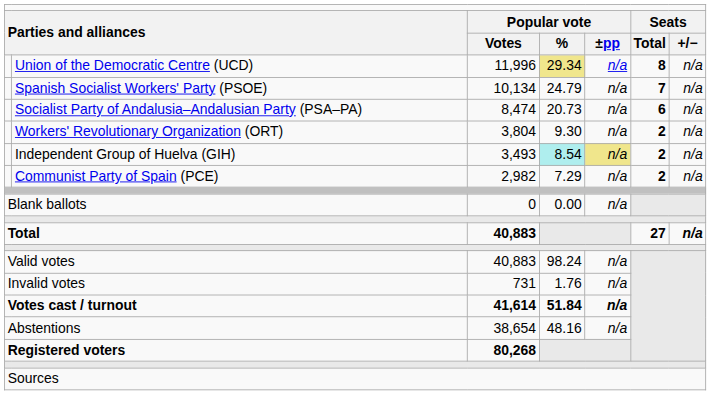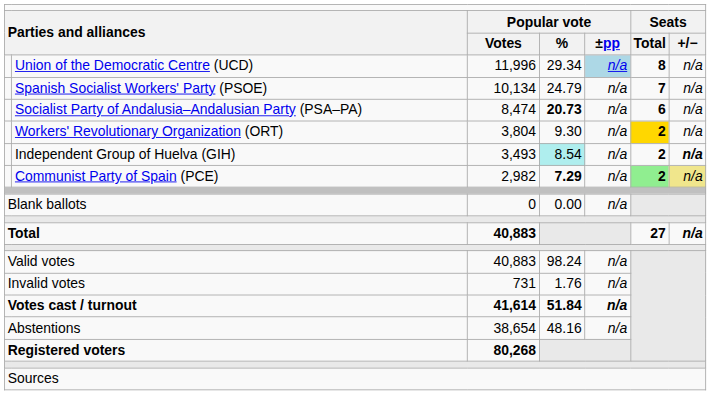 <table class="wikitable" style="text-align:right;">
 <tr>
 <td colspan="7"></td>
 </tr>
 <tr>
 <th style="text-align:left;" rowspan="2" colspan="2" width="525">Parties and alliances</th>
 <th colspan="3">Popular vote</th>
 <th colspan="2">Seats</th>
 </tr>
 <tr>
 <th width="75">Votes</th>
 <th width="45">%</th>
 <th width="45">±<a href='#'>pp</a></th>
 <th width="35">Total</th>
 <th width="35">+/−</th>
 </tr>
 <tr>
 <td width="1" style="color:inherit;background:"></td>
 <td align="left"><a href='#'>Union of the Democratic Centre</a> (UCD)</td>
 <td>11,996</td>
-<td style="background: khaki;">29.34</td>
-<td><em><a href='#'>n/a</a></em></td>
+<td>29.34</td>
+<td style="background: lightblue;"><em><a href='#'>n/a</a></em></td>
 <td><strong>8</strong></td>
 <td><em>n/a</em></td>
 </tr>
 <tr>
 <td style="color:inherit;background:"></td>
 <td align="left"><a href='#'>Spanish Socialist Workers' Party</a> (PSOE)</td>
 <td>10,134</td>
 <td>24.79</td>
 <td><em>n/a</em></td>
 <td><strong>7</strong></td>
 <td><em>n/a</em></td>
 </tr>
 <tr>
 <td style="color:inherit;background:"></td>
 <td align="left"><a href='#'>Socialist Party of Andalusia–Andalusian Party</a> (PSA–PA)</td>
 <td>8,474</td>
-<td>20.73</td>
+<td><strong>20.73</strong></td>
 <td><em>n/a</em></td>
 <td><strong>6</strong></td>
 <td><em>n/a</em></td>
 </tr>
 <tr>
 <td style="color:inherit;background:"></td>
 <td align="left"><a href='#'>Workers' Revolutionary Organization</a> (ORT)</td>
 <td>3,804</td>
 <td>9.30</td>
 <td><em>n/a</em></td>
-<td><strong>2</strong></td>
+<td style="background: gold;"><strong>2</strong></td>
 <td><em>n/a</em></td>
 </tr>
 <tr>
 <td style="color:inherit;background:"></td>
 <td align="left">Independent Group of Huelva (GIH)</td>
 <td>3,493</td>
 <td style="background: paleturquoise;">8.54</td>
-<td style="background: khaki;"><em>n/a</em></td>
+<td><em>n/a</em></td>
 <td><strong>2</strong></td>
-<td><em>n/a</em></td>
+<td><strong><em>n/a</em></strong></td>
 </tr>
 <tr>
 <td style="color:inherit;background:"></td>
 <td align="left"><a href='#'>Communist Party of Spain</a> (PCE)</td>
 <td>2,982</td>
-<td>7.29</td>
+<td><strong>7.29</strong></td>
 <td><em>n/a</em></td>
-<td><strong>2</strong></td>
-<td><em>n/a</em></td>
+<td style="background: lightgreen;"><strong>2</strong></td>
+<td style="background: khaki;"><em>n/a</em></td>
 </tr>
 <tr>
 <td colspan="7" bgcolor="#C0C0C0"></td>
 </tr>
 <tr>
 <td align="left" colspan="2">Blank ballots</td>
 <td>0</td>
 <td>0.00</td>
 <td><em>n/a</em></td>
 <td bgcolor="#E9E9E9" colspan="2"></td>
 </tr>
 <tr>
 <td colspan="7" bgcolor="#E9E9E9"></td>
 </tr>
 <tr style="font-weight:bold;">
 <td align="left" colspan="2">Total</td>
 <td>40,883</td>
 <td bgcolor="#E9E9E9" colspan="2"></td>
 <td>27</td>
 <td><em>n/a</em></td>
 </tr>
 <tr>
 <td colspan="7" bgcolor="#E9E9E9"></td>
 </tr>
 <tr>
 <td align="left" colspan="2">Valid votes</td>
 <td>40,883</td>
 <td>98.24</td>
 <td><em>n/a</em></td>
 <td bgcolor="#E9E9E9" colspan="2" rowspan="5"></td>
 </tr>
 <tr>
 <td align="left" colspan="2">Invalid votes</td>
 <td>731</td>
 <td>1.76</td>
 <td><em>n/a</em></td>
 </tr>
 <tr style="font-weight:bold;">
 <td align="left" colspan="2">Votes cast / turnout</td>
 <td>41,614</td>
 <td>51.84</td>
 <td><em>n/a</em></td>
 </tr>
 <tr>
 <td align="left" colspan="2">Abstentions</td>
 <td>38,654</td>
 <td>48.16</td>
 <td><em>n/a</em></td>
 </tr>
 <tr style="font-weight:bold;">
 <td align="left" colspan="2">Registered voters</td>
 <td>80,268</td>
 <td bgcolor="#E9E9E9" colspan="2"></td>
 </tr>
 <tr>
 <td colspan="7" bgcolor="#E9E9E9"></td>
 </tr>
 <tr>
 <td align="left" colspan="7">Sources</td>
 </tr>
 </table>
